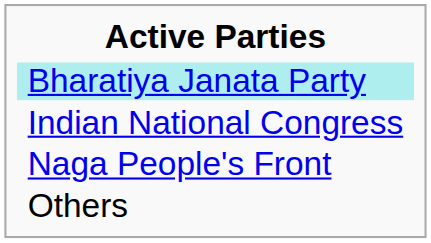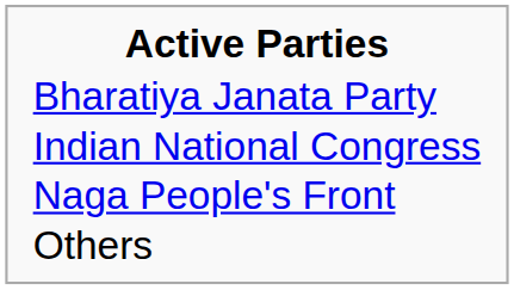 <table style="float; margin-left: 1em; margin-bottom: 0.5em" class="infobox">
 <tr>
 <td style="text-align: center"><span><strong>Active Parties</strong></span></td>
 </tr>
 <tr>
-<td style="background: paleturquoise; padding: 0 5px;"> <a href='#'>Bharatiya Janata Party</a></td>
+<td style="padding: 0 5px;"> <a href='#'>Bharatiya Janata Party</a></td>
 </tr>
 <tr>
 <td style="padding: 0 5px;"> <a href='#'>Indian National Congress</a></td>
 </tr>
 <tr>
 <td style="padding: 0 5px;"> <a href='#'>Naga People's Front</a></td>
 </tr>
 <tr>
 <td style="padding: 0 5px;"> Others<br></td>
 </tr>
 </table>
